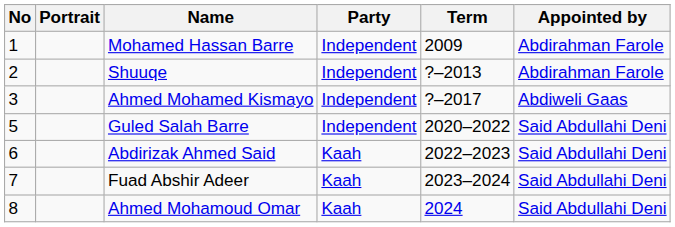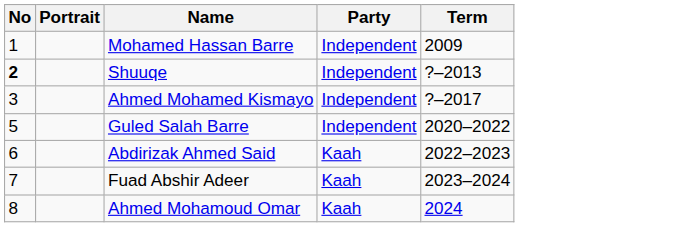 <table class="wikitable">
 <tr>
 <th>No</th>
 <th>Portrait</th>
 <th>Name</th>
 <th>Party</th>
 <th>Term</th>
-<th>Appointed by</th>
 </tr>
 <tr>
 <td bgcolor=>1</td>
 <td></td>
 <td><a href='#'>Mohamed Hassan Barre</a></td>
 <td><a href='#'>Independent</a></td>
 <td>2009</td>
-<td><a href='#'>Abdirahman Farole</a></td>
 </tr>
 <tr>
-<td>2</td>
+<td><strong>2</strong></td>
 <td></td>
 <td><a href='#'>Shuuqe</a></td>
 <td><a href='#'>Independent</a></td>
 <td>?–2013</td>
-<td><a href='#'>Abdirahman Farole</a></td>
 </tr>
 <tr>
 <td>3</td>
 <td></td>
 <td><a href='#'>Ahmed Mohamed Kismayo</a></td>
 <td><a href='#'>Independent</a></td>
 <td>?–2017</td>
-<td><a href='#'>Abdiweli Gaas</a></td>
 </tr>
 <tr>
 <td>5</td>
 <td></td>
 <td><a href='#'>Guled Salah Barre</a></td>
 <td><a href='#'>Independent</a></td>
 <td>2020–2022</td>
-<td><a href='#'>Said Abdullahi Deni</a></td>
 </tr>
 <tr>
 <td>6</td>
 <td></td>
 <td><a href='#'>Abdirizak Ahmed Said</a></td>
 <td><a href='#'>Kaah</a></td>
 <td>2022–2023</td>
-<td><a href='#'>Said Abdullahi Deni</a></td>
 </tr>
 <tr>
 <td>7</td>
 <td></td>
 <td>Fuad Abshir Adeer</td>
 <td><a href='#'>Kaah</a></td>
 <td>2023–2024</td>
-<td><a href='#'>Said Abdullahi Deni</a></td>
 </tr>
 <tr>
 <td>8</td>
 <td></td>
 <td><a href='#'>Ahmed Mohamoud Omar</a></td>
 <td><a href='#'>Kaah</a></td>
 <td><a href='#'>2024</a></td>
-<td><a href='#'>Said Abdullahi Deni</a></td>
 </tr>
 </table>
